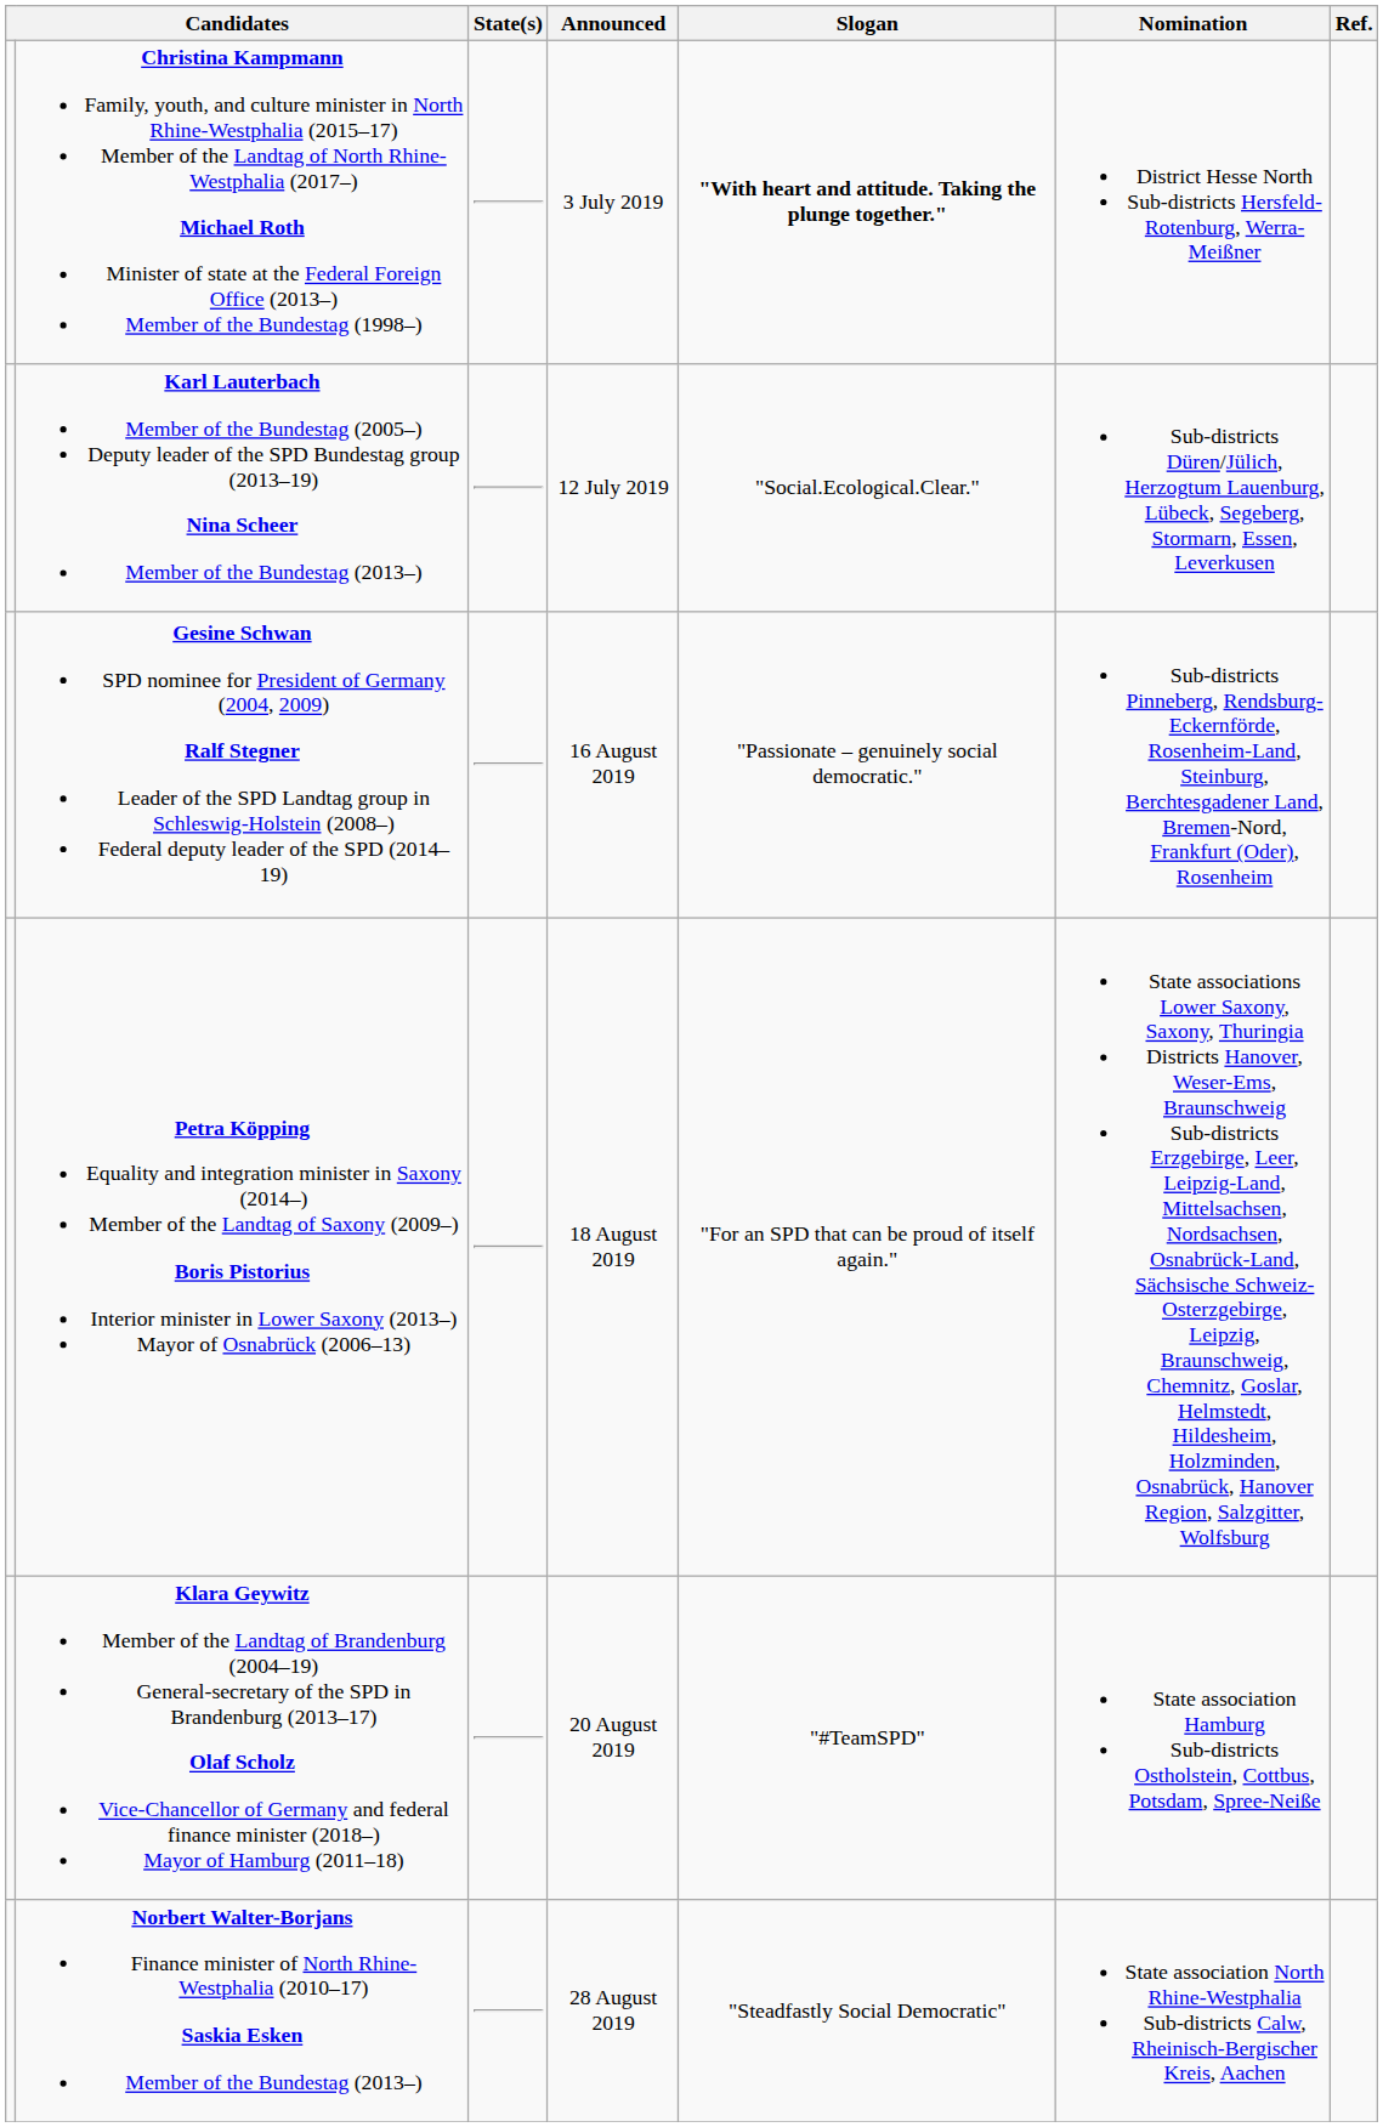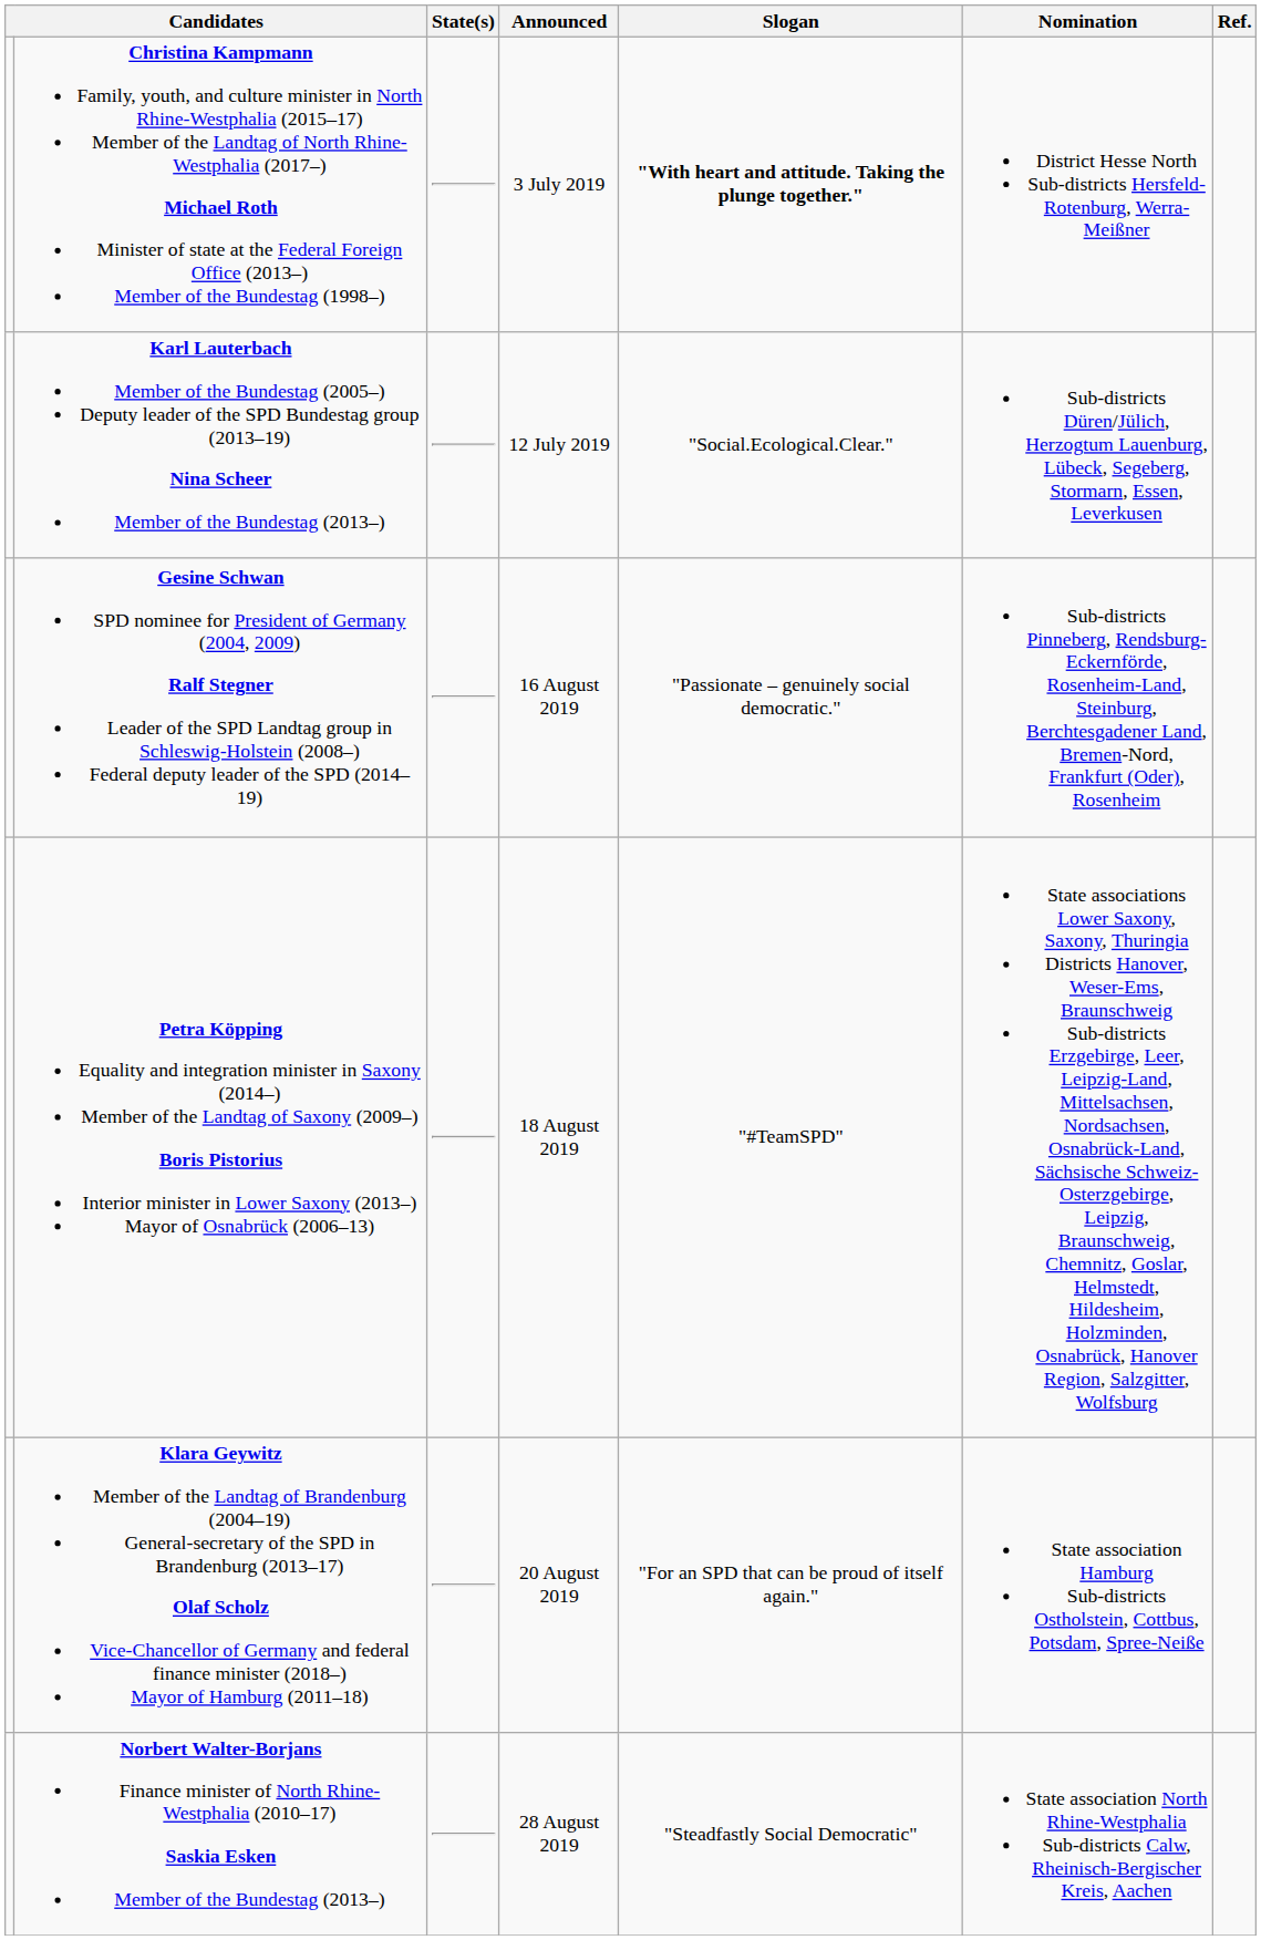 <table class="wikitable" style="text-align:center; font-size:85%">
 <tr>
 <th colspan=2>Candidates</th>
 <th>State(s)</th>
 <th>Announced</th>
 <th>Slogan</th>
 <th style="width:20%">Nomination</th>
 <th>Ref.</th>
 </tr>
 <tr>
 <td></td>
 <td><strong><a href='#'>Christina Kampmann</a></strong><br><ul><li>Family, youth, and culture minister in <a href='#'>North Rhine-Westphalia</a> (2015–17)</li><li>Member of the <a href='#'>Landtag of North Rhine-Westphalia</a> (2017–)</li></ul><strong><a href='#'>Michael Roth</a></strong><ul><li>Minister of state at the <a href='#'>Federal Foreign Office</a> (2013–)</li><li><a href='#'>Member of the Bundestag</a> (1998–)</li></ul></td>
 <td><hr></td>
 <td>3 July 2019</td>
 <td><strong>"With heart and attitude. Taking the plunge together."<br><em></em></strong></td>
 <td><br><ul><li>District Hesse North</li><li>Sub-districts <a href='#'>Hersfeld-Rotenburg</a>, <a href='#'>Werra-Meißner</a></li></ul></td>
 <td></td>
 </tr>
 <tr>
 <td></td>
 <td><strong><a href='#'>Karl Lauterbach</a></strong><br><ul><li><a href='#'>Member of the Bundestag</a> (2005–)</li><li>Deputy leader of the SPD Bundestag group (2013–19)</li></ul><strong><a href='#'>Nina Scheer</a></strong><ul><li><a href='#'>Member of the Bundestag</a> (2013–)</li></ul></td>
 <td><hr></td>
 <td>12 July 2019</td>
 <td>"Social.Ecological.Clear."<br><em></em></td>
 <td><br><ul><li>Sub-districts <a href='#'>Düren</a>/<a href='#'>Jülich</a>, <a href='#'>Herzogtum Lauenburg</a>, <a href='#'>Lübeck</a>, <a href='#'>Segeberg</a>, <a href='#'>Stormarn</a>, <a href='#'>Essen</a>, <a href='#'>Leverkusen</a></li></ul></td>
 <td></td>
 </tr>
 <tr>
 <td></td>
 <td><strong><a href='#'>Gesine Schwan</a></strong><br><ul><li>SPD nominee for <a href='#'>President of Germany</a> (<a href='#'>2004</a>, <a href='#'>2009</a>)</li></ul><strong><a href='#'>Ralf Stegner</a></strong><ul><li>Leader of the SPD Landtag group in <a href='#'>Schleswig-Holstein</a> (2008–)</li><li>Federal deputy leader of the SPD (2014–19)</li></ul></td>
 <td><hr></td>
 <td>16 August 2019</td>
 <td>"Passionate – genuinely social democratic."<br><em></em></td>
 <td><br><ul><li>Sub-districts <a href='#'>Pinneberg</a>, <a href='#'>Rendsburg-Eckernförde</a>, <a href='#'>Rosenheim-Land</a>, <a href='#'>Steinburg</a>, <a href='#'>Berchtesgadener Land</a>, <a href='#'>Bremen</a>-Nord, <a href='#'>Frankfurt (Oder)</a>, <a href='#'>Rosenheim</a></li></ul></td>
 <td></td>
 </tr>
 <tr>
 <td><br></td>
 <td><strong><a href='#'>Petra Köpping</a></strong><br><ul><li>Equality and integration minister in <a href='#'>Saxony</a> (2014–)</li><li>Member of the <a href='#'>Landtag of Saxony</a> (2009–)</li></ul><strong><a href='#'>Boris Pistorius</a></strong><ul><li>Interior minister in <a href='#'>Lower Saxony</a> (2013–)</li><li>Mayor of <a href='#'>Osnabrück</a> (2006–13)</li></ul></td>
 <td><hr></td>
 <td>18 August 2019</td>
-<td>"For an SPD that can be proud of itself again."<br><em></em></td>
+<td>"#TeamSPD"</td>
 <td><br><ul><li>State associations <a href='#'>Lower Saxony</a>, <a href='#'>Saxony</a>, <a href='#'>Thuringia</a></li><li>Districts <a href='#'>Hanover</a>, <a href='#'>Weser-Ems</a>, <a href='#'>Braunschweig</a></li><li>Sub-districts  <a href='#'>Erzgebirge</a>, <a href='#'>Leer</a>, <a href='#'>Leipzig-Land</a>, <a href='#'>Mittelsachsen</a>, <a href='#'>Nordsachsen</a>, <a href='#'>Osnabrück-Land</a>, <a href='#'>Sächsische Schweiz-Osterzgebirge</a>, <a href='#'>Leipzig</a>, <a href='#'>Braunschweig</a>, <a href='#'>Chemnitz</a>, <a href='#'>Goslar</a>, <a href='#'>Helmstedt</a>, <a href='#'>Hildesheim</a>, <a href='#'>Holzminden</a>, <a href='#'>Osnabrück</a>, <a href='#'>Hanover Region</a>, <a href='#'>Salzgitter</a>, <a href='#'>Wolfsburg</a></li></ul></td>
 <td></td>
 </tr>
 <tr>
 <td></td>
 <td><strong><a href='#'>Klara Geywitz</a></strong><br><ul><li>Member of the <a href='#'>Landtag of Brandenburg</a> (2004–19)</li><li>General-secretary of the SPD in Brandenburg (2013–17)</li></ul><strong><a href='#'>Olaf Scholz</a></strong><ul><li><a href='#'>Vice-Chancellor of Germany</a> and federal finance minister (2018–)</li><li><a href='#'>Mayor of Hamburg</a> (2011–18)</li></ul></td>
 <td><hr></td>
 <td>20 August 2019</td>
-<td>"#TeamSPD"</td>
+<td>"For an SPD that can be proud of itself again."<br><em></em></td>
 <td><br><ul><li>State association <a href='#'>Hamburg</a></li><li>Sub-districts <a href='#'>Ostholstein</a>, <a href='#'>Cottbus</a>, <a href='#'>Potsdam</a>, <a href='#'>Spree-Neiße</a></li></ul></td>
 <td></td>
 </tr>
 <tr>
 <td></td>
 <td><strong><a href='#'>Norbert Walter-Borjans</a></strong><br><ul><li>Finance minister of <a href='#'>North Rhine-Westphalia</a> (2010–17)</li></ul><strong><a href='#'>Saskia Esken</a></strong><ul><li><a href='#'>Member of the Bundestag</a> (2013–)</li></ul></td>
 <td><hr></td>
 <td>28 August 2019</td>
 <td>"Steadfastly Social Democratic"<br><em></em></td>
 <td><br><ul><li>State association <a href='#'>North Rhine-Westphalia</a></li><li>Sub-districts <a href='#'>Calw</a>, <a href='#'>Rheinisch-Bergischer Kreis</a>, <a href='#'>Aachen</a></li></ul></td>
 <td></td>
 </tr>
 </table>
